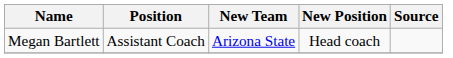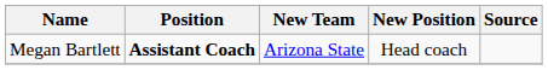 <table class="wikitable">
 <tr>
 <th style="text-align:center; ">Name</th>
 <th style="text-align:center; ">Position</th>
 <th style="text-align:center; ">New Team</th>
 <th style="text-align:center; ">New Position</th>
 <th style="text-align:center; ">Source</th>
 </tr>
 <tr align="center">
 <td>Megan Bartlett</td>
-<td>Assistant Coach</td>
+<td><strong>Assistant Coach</strong></td>
 <td><a href='#'>Arizona State</a></td>
 <td>Head coach</td>
 <td></td>
 </tr>
 <tr>
 </tr>
 </table>
